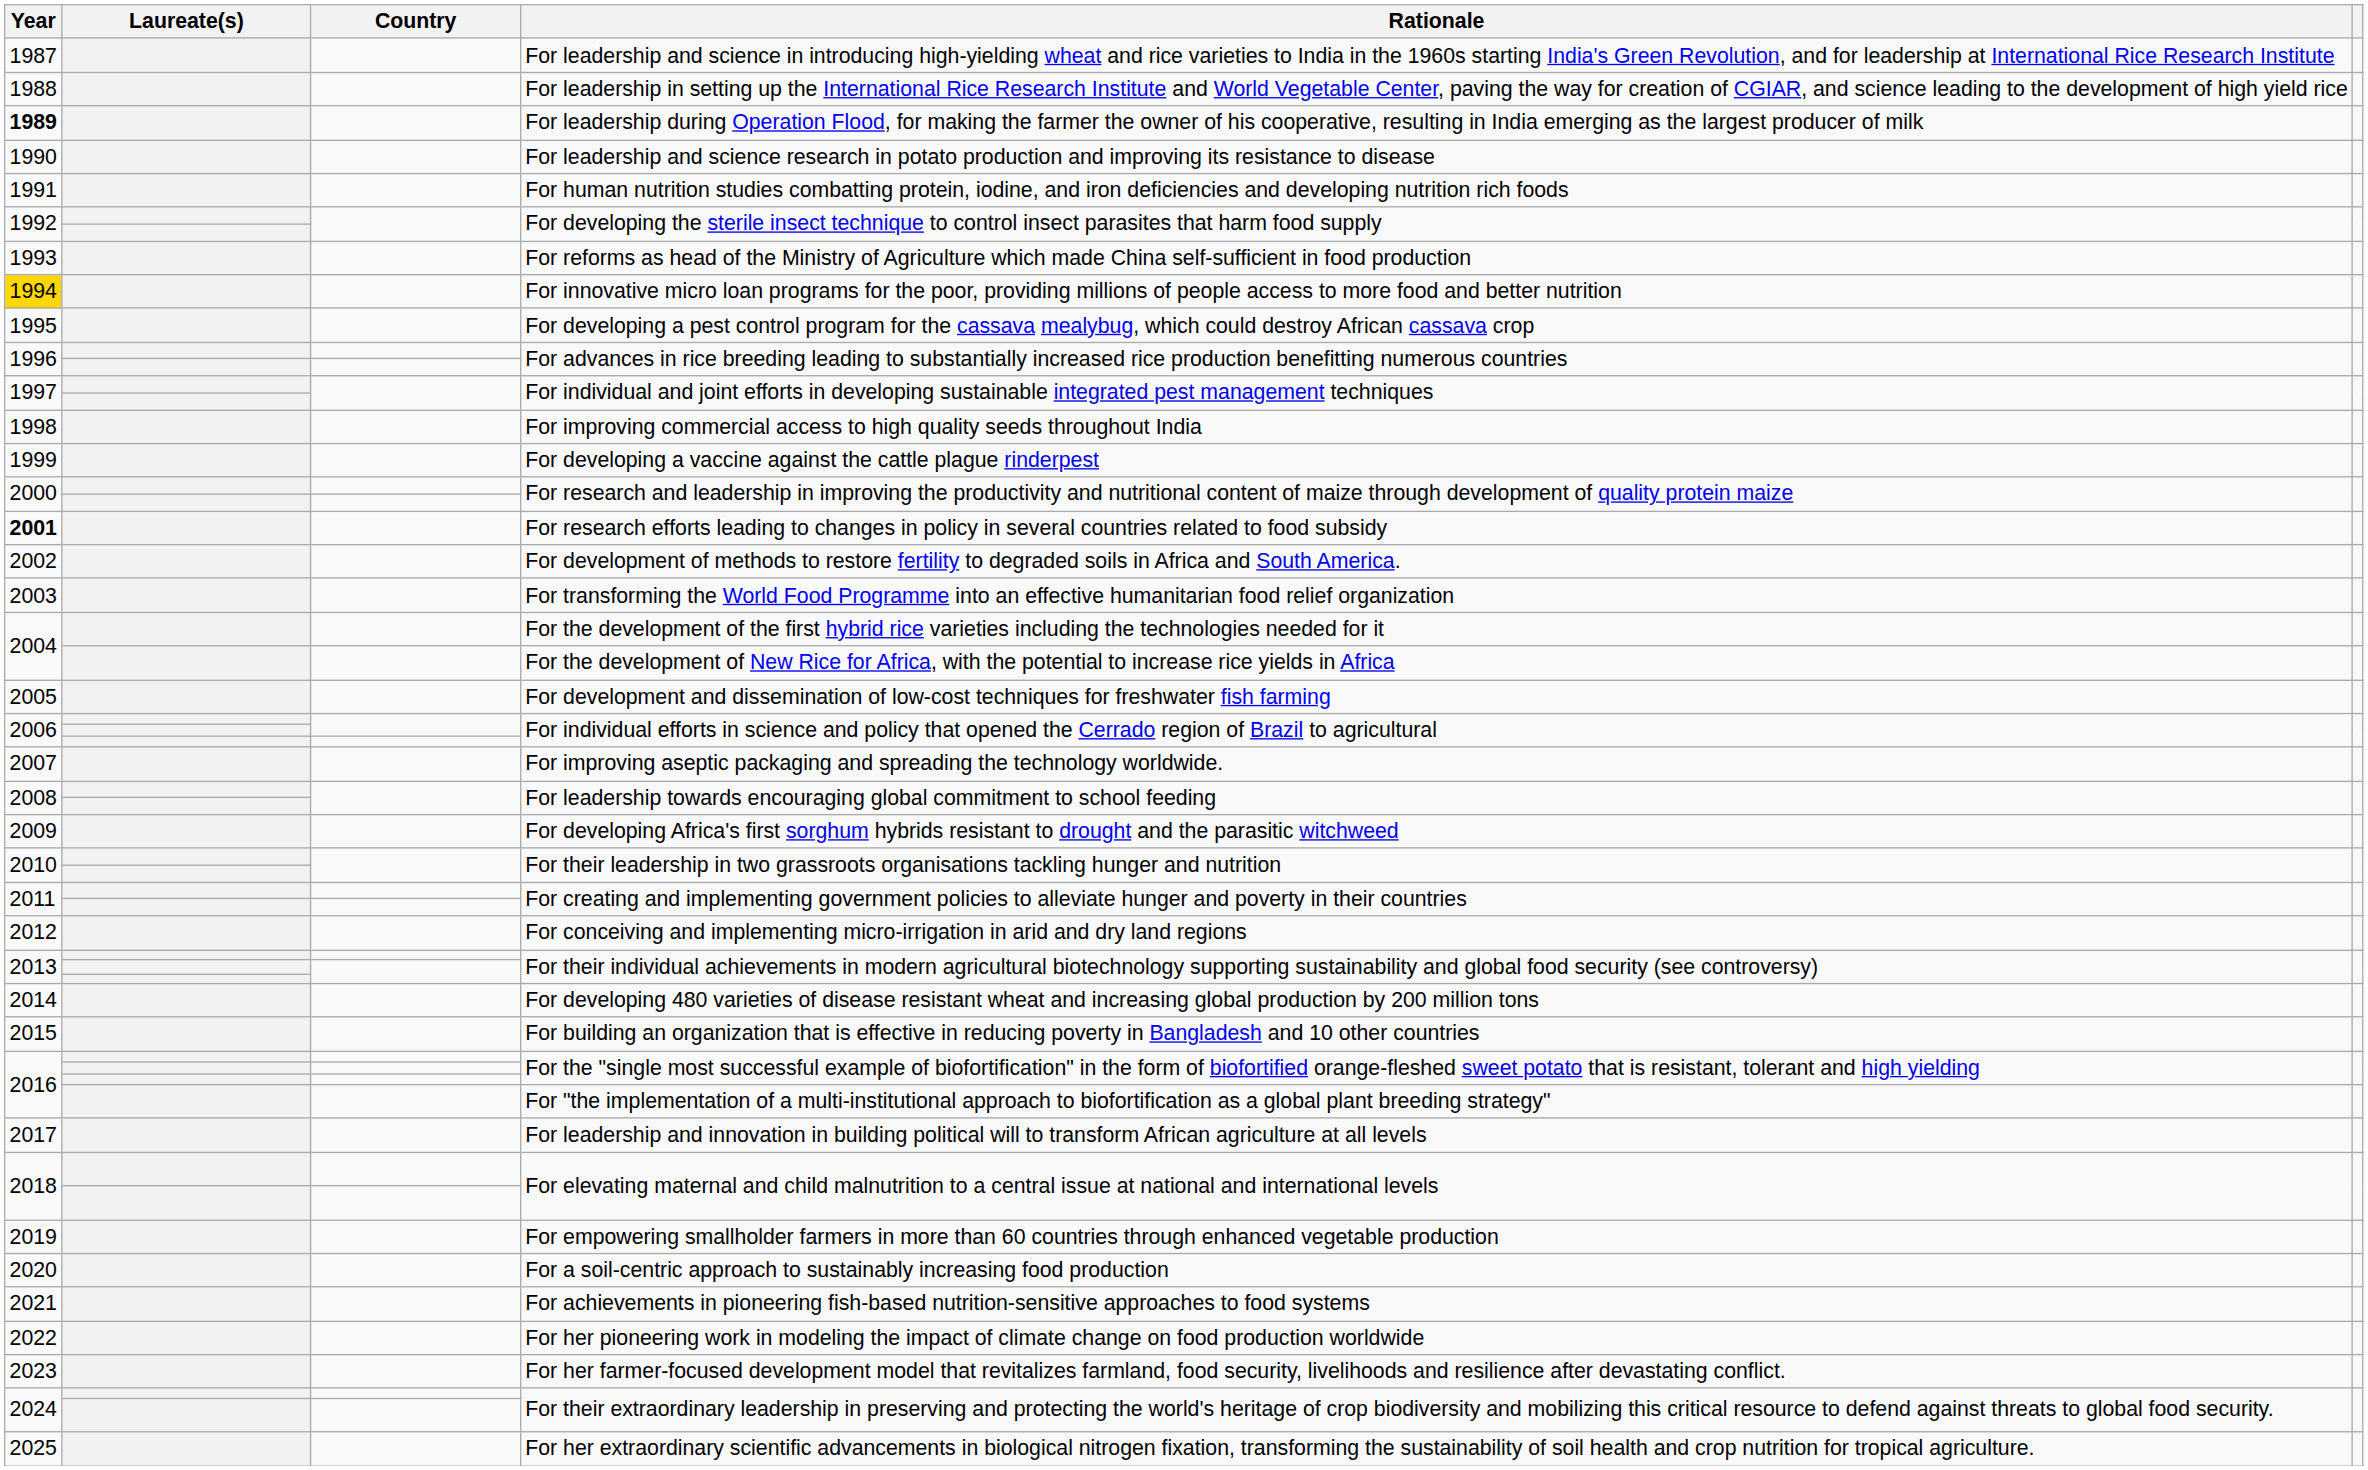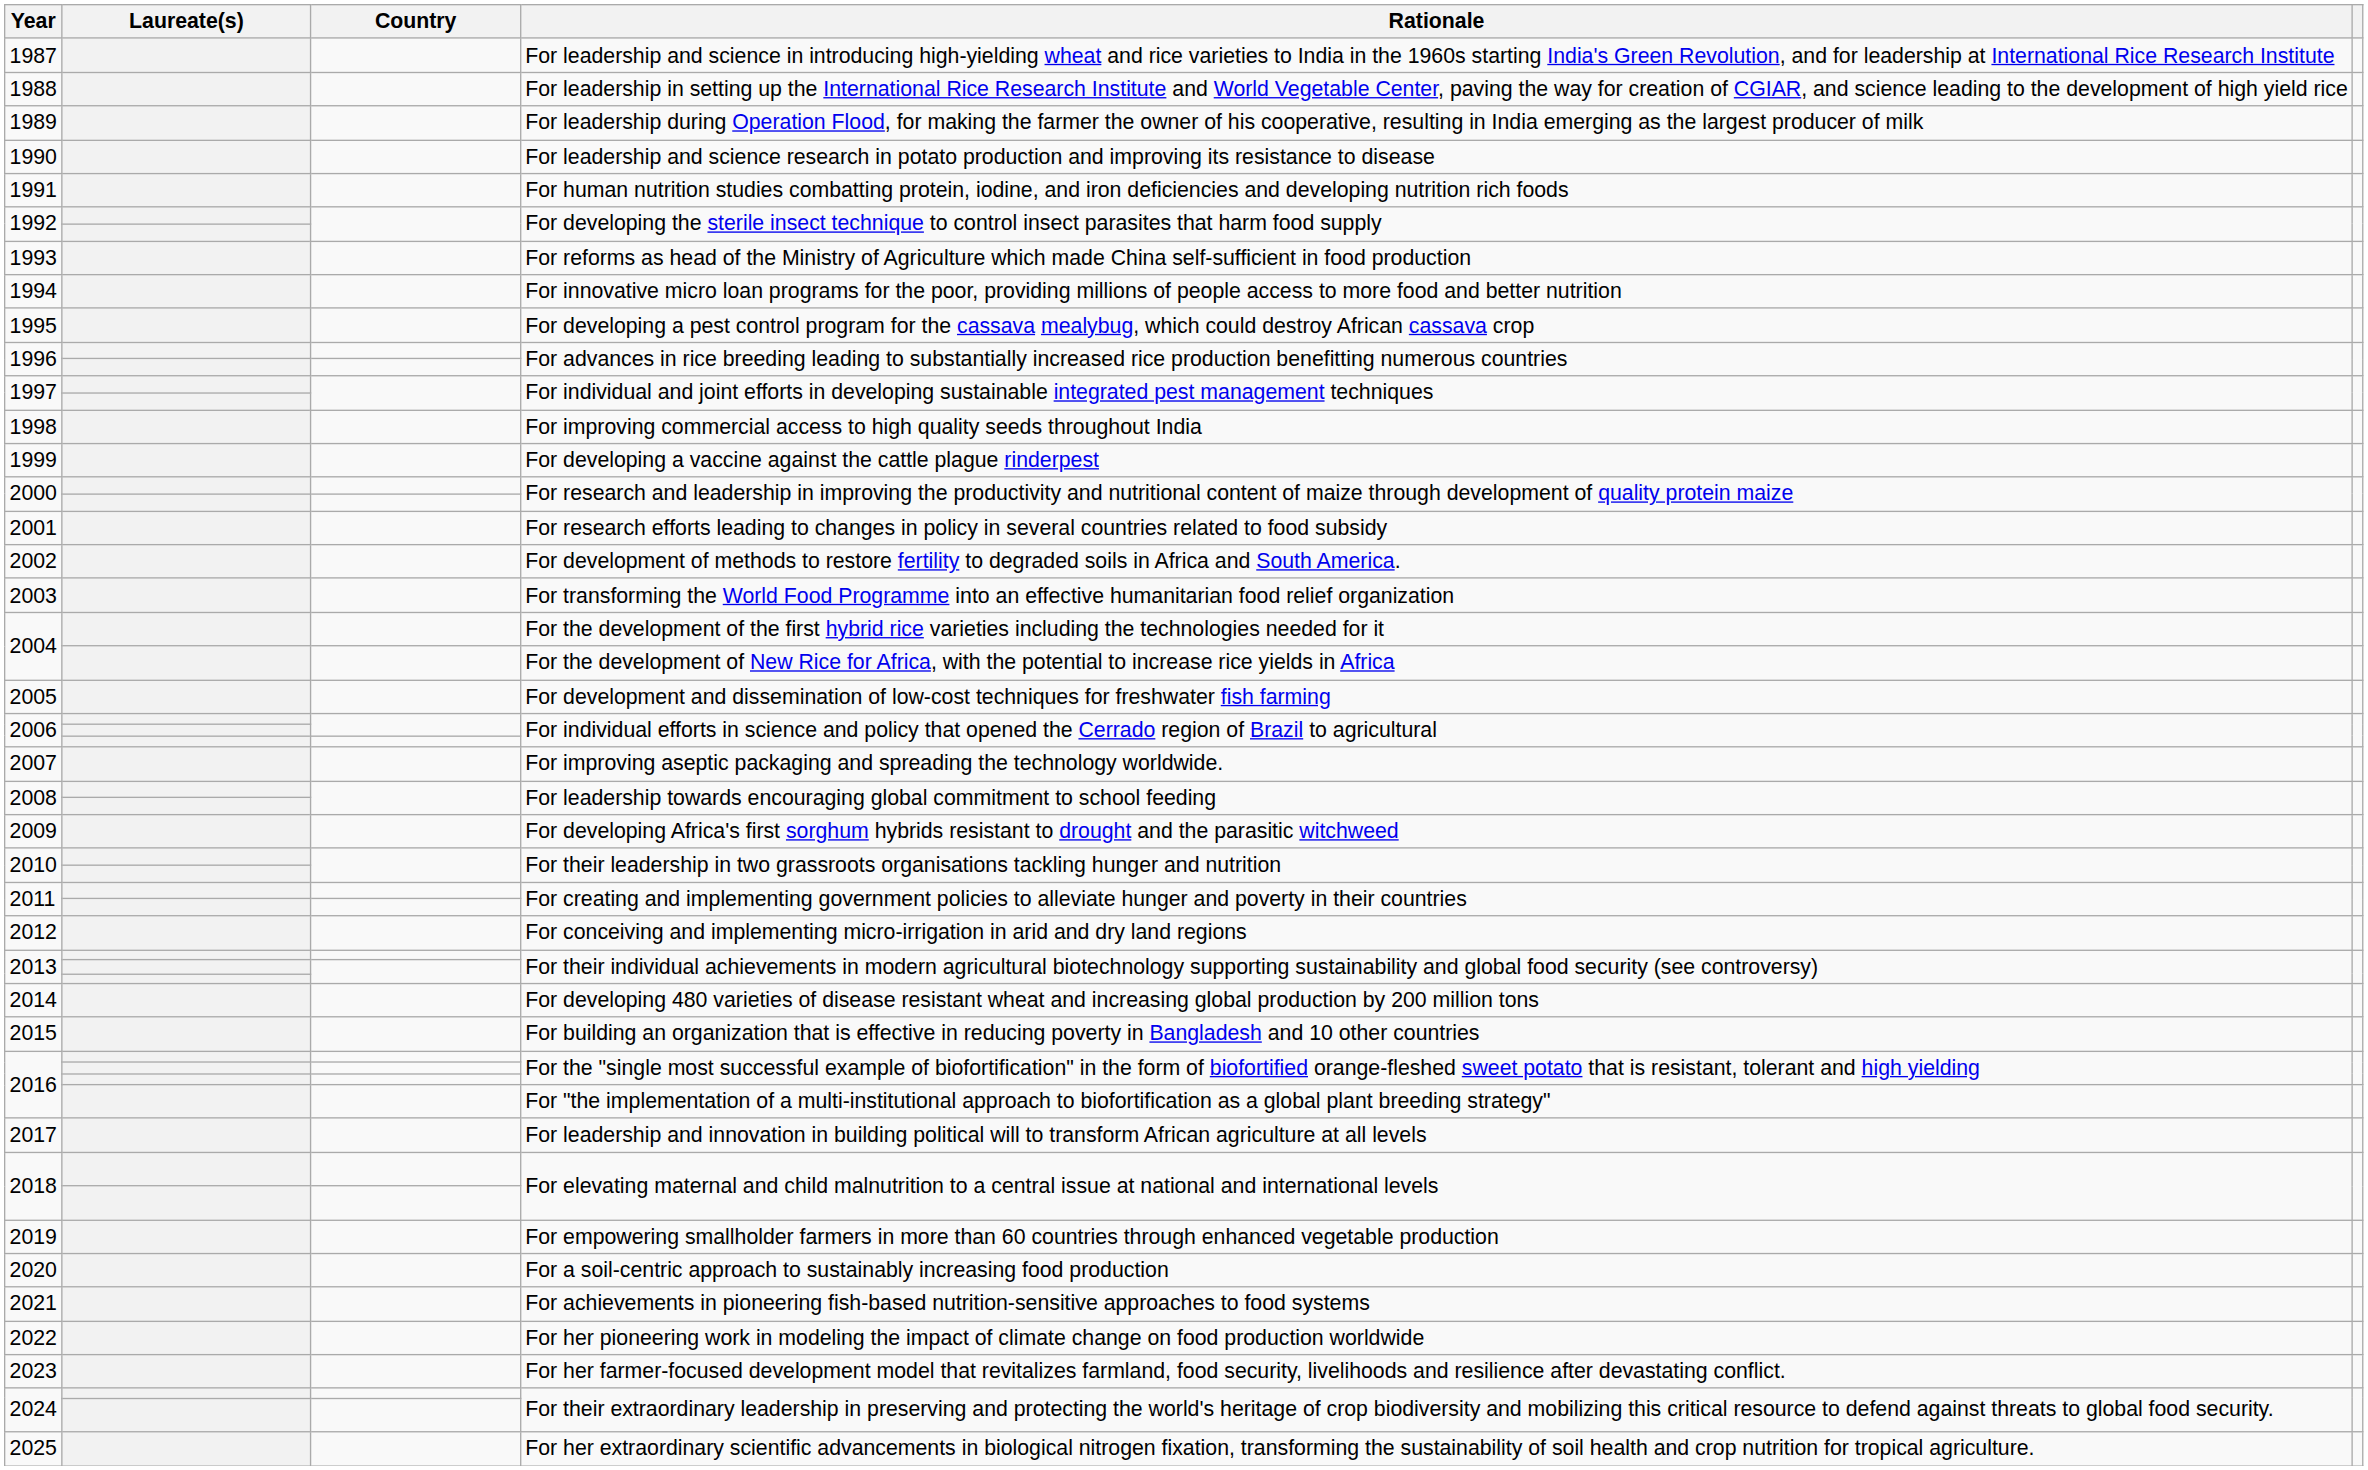 <table class="wikitable sortable plainrowheaders">
 <tr>
 <th scope=col>Year</th>
 <th scope=col width="180px">Laureate(s)</th>
 <th scope=col width="150px">Country</th>
 <th scope=col class = unsortable>Rationale</th>
 <th scope=col class = unsortable></th>
 </tr>
 <tr>
 <td>1987</td>
 <th scope="row"></th>
 <td></td>
 <td>For leadership and science in introducing high-yielding <a href='#'>wheat</a> and rice varieties to India in the 1960s starting <a href='#'>India's Green Revolution</a>, and for leadership at <a href='#'>International Rice Research Institute</a></td>
 <td align="center"></td>
 </tr>
 <tr>
 <td>1988</td>
 <th scope="row"></th>
 <td></td>
 <td>For leadership in setting up the <a href='#'>International Rice Research Institute</a> and <a href='#'>World Vegetable Center</a>, paving the way for creation of <a href='#'>CGIAR</a>, and science leading to the development of high yield rice</td>
 <td align="center"></td>
 </tr>
 <tr>
-<td><strong>1989</strong></td>
+<td>1989</td>
 <th scope="row"></th>
 <td></td>
 <td>For leadership during <a href='#'>Operation Flood</a>, for making the farmer the owner of his cooperative, resulting in India emerging as the largest producer of milk</td>
 <td align="center"></td>
 </tr>
 <tr>
 <td>1990</td>
 <th scope="row"></th>
 <td></td>
 <td>For leadership and science research in potato production and improving its resistance to disease</td>
 <td align="center"></td>
 </tr>
 <tr>
 <td>1991</td>
 <th scope="row"></th>
 <td></td>
 <td>For human nutrition studies combatting protein, iodine, and iron deficiencies and developing nutrition rich foods</td>
 <td align="center"></td>
 </tr>
 <tr>
 <td rowspan="2">1992</td>
 <th scope="row"></th>
 <td rowspan="2"></td>
 <td rowspan="2">For developing the <a href='#'>sterile insect technique</a> to control insect parasites that harm food supply</td>
 <td rowspan="2" align="center"></td>
 </tr>
 <tr>
 <th scope="row"></th>
 </tr>
 <tr>
 <td>1993</td>
 <th scope="row"></th>
 <td></td>
 <td>For reforms as head of the Ministry of Agriculture which made China self-sufficient in food production</td>
 <td align="center"></td>
 </tr>
 <tr>
-<td style="background: gold;">1994</td>
+<td>1994</td>
 <th scope="row"></th>
 <td></td>
 <td>For innovative micro loan programs for the poor, providing millions of people access to more food and better nutrition</td>
 <td align="center"></td>
 </tr>
 <tr>
 <td>1995</td>
 <th scope="row"></th>
 <td></td>
 <td>For developing a pest control program for the <a href='#'>cassava</a> <a href='#'>mealybug</a>, which could destroy African <a href='#'>cassava</a> crop</td>
 <td align="center"></td>
 </tr>
 <tr>
 <td rowspan="2">1996</td>
 <th scope="row"></th>
 <td></td>
 <td rowspan="2">For advances in rice breeding leading to substantially increased rice production benefitting numerous countries</td>
 <td rowspan="2" align="center"></td>
 </tr>
 <tr>
 <th scope="row"></th>
 <td></td>
 </tr>
 <tr>
 <td rowspan="2">1997</td>
 <th scope="row"></th>
 <td rowspan="2"></td>
 <td rowspan="2">For individual and joint efforts in developing sustainable <a href='#'>integrated pest management</a> techniques</td>
 <td rowspan="2" align="center"></td>
 </tr>
 <tr>
 <th scope="row"></th>
 </tr>
 <tr>
 <td>1998</td>
 <th scope="row"></th>
 <td></td>
 <td>For improving commercial access to high quality seeds throughout India</td>
 <td align="center"></td>
 </tr>
 <tr>
 <td>1999</td>
 <th scope="row"></th>
 <td></td>
 <td>For developing a vaccine against the cattle plague <a href='#'>rinderpest</a></td>
 <td align="center"></td>
 </tr>
 <tr>
 <td rowspan="2">2000</td>
 <th scope="row"></th>
 <td></td>
 <td rowspan="2">For research and leadership in improving the productivity and nutritional content of maize through development of <a href='#'>quality protein maize</a></td>
 <td rowspan="2" align="center"></td>
 </tr>
 <tr>
 <th scope="row"></th>
 <td></td>
 </tr>
 <tr>
-<td><strong>2001</strong></td>
+<td>2001</td>
 <th scope="row"></th>
 <td></td>
 <td>For research efforts leading to changes in policy in several countries related to food subsidy</td>
 <td align="center"></td>
 </tr>
 <tr>
 <td>2002</td>
 <th scope="row"></th>
 <td></td>
 <td>For development of methods to restore <a href='#'>fertility</a> to degraded soils in Africa and <a href='#'>South America</a>.</td>
 <td align="center"></td>
 </tr>
 <tr>
 <td>2003</td>
 <th scope="row"></th>
 <td></td>
 <td>For transforming the <a href='#'>World Food Programme</a> into an effective humanitarian food relief organization</td>
 <td align="center"></td>
 </tr>
 <tr>
 <td rowspan="2">2004</td>
 <th scope="row"></th>
 <td></td>
 <td>For the development of the first <a href='#'>hybrid rice</a> varieties including the technologies needed for it</td>
 <td align="center"></td>
 </tr>
 <tr>
 <th scope="row"></th>
 <td></td>
 <td>For the development of <a href='#'>New Rice for Africa</a>, with the potential to increase rice yields in <a href='#'>Africa</a></td>
 <td align="center"></td>
 </tr>
 <tr>
 <td>2005</td>
 <th scope="row"></th>
 <td></td>
 <td>For development and dissemination of low-cost techniques for freshwater <a href='#'>fish farming</a></td>
 <td align="center"></td>
 </tr>
 <tr>
 <td rowspan="3">2006</td>
 <th scope="row"></th>
 <td rowspan="2"></td>
 <td rowspan="3">For individual efforts in science and policy that opened the <a href='#'>Cerrado</a> region of <a href='#'>Brazil</a> to agricultural</td>
 <td rowspan="3" align="center"></td>
 </tr>
 <tr>
 <th scope="row"></th>
 </tr>
 <tr>
 <th scope="row"></th>
 <td></td>
 </tr>
 <tr>
 <td>2007</td>
 <th scope="row"></th>
 <td></td>
 <td>For improving aseptic packaging and spreading the technology worldwide.</td>
 </tr>
 <tr>
 <td rowspan="2">2008</td>
 <th scope="row"></th>
 <td rowspan="2"></td>
 <td rowspan="2">For leadership towards encouraging global commitment to school feeding</td>
 <td rowspan="2" align="center"></td>
 </tr>
 <tr>
 <th scope="row"></th>
 </tr>
 <tr>
 <td>2009</td>
 <th scope="row"></th>
 <td></td>
 <td>For developing Africa's first <a href='#'>sorghum</a> hybrids resistant to <a href='#'>drought</a> and the parasitic <a href='#'>witchweed</a></td>
 <td align="center"></td>
 </tr>
 <tr>
 <td rowspan="2">2010</td>
 <th scope="row"></th>
 <td rowspan="2"></td>
 <td rowspan="2">For their leadership in two grassroots organisations tackling hunger and nutrition</td>
 <td rowspan="2" align="center"></td>
 </tr>
 <tr>
 <th scope="row"></th>
 </tr>
 <tr>
 <td rowspan="2">2011</td>
 <th scope="row"></th>
 <td></td>
 <td rowspan="2">For creating and implementing government policies to alleviate hunger and poverty in their countries</td>
 <td rowspan="2" align="center"></td>
 </tr>
 <tr>
 <th scope="row"></th>
 <td></td>
 </tr>
 <tr>
 <td>2012</td>
 <th scope="row"></th>
 <td></td>
 <td>For conceiving and implementing micro-irrigation in arid and dry land regions</td>
 <td align="center"></td>
 </tr>
 <tr>
 <td rowspan="3">2013</td>
 <th scope="row"></th>
 <td></td>
 <td rowspan="3">For their individual achievements in modern agricultural biotechnology supporting sustainability and global food security (see controversy)</td>
 <td rowspan="3" align="center"></td>
 </tr>
 <tr>
 <th scope="row"></th>
 <td rowspan="2"></td>
 </tr>
 <tr>
 <th scope="row"></th>
 </tr>
 <tr>
 <td>2014</td>
 <th scope="row"></th>
 <td><br></td>
 <td>For developing 480 varieties of disease resistant wheat and increasing global production by 200 million tons</td>
 <td align="center"></td>
 </tr>
 <tr>
 <td>2015</td>
 <th scope="row"></th>
 <td></td>
 <td>For building an organization that is effective in reducing poverty in <a href='#'>Bangladesh</a> and 10 other countries</td>
 <td align="center"></td>
 </tr>
 <tr>
 <td rowspan="4">2016</td>
 <th scope="row"></th>
 <td></td>
 <td rowspan="3">For the "single most successful example of biofortification" in the form of <a href='#'>biofortified</a> orange-fleshed <a href='#'>sweet potato</a> that is resistant, tolerant and <a href='#'>high yielding</a></td>
 <td rowspan="3" align="center"></td>
 </tr>
 <tr>
 <th scope="row"></th>
 <td></td>
 </tr>
 <tr>
 <th scope="row"></th>
 <td></td>
 </tr>
 <tr>
 <th scope="row"></th>
 <td></td>
 <td>For "the implementation of a multi-institutional approach to biofortification as a global plant breeding strategy"</td>
 <td align="center"></td>
 </tr>
 <tr>
 <td>2017</td>
 <th scope="row"></th>
 <td></td>
 <td>For leadership and innovation in building political will to transform African agriculture at all levels</td>
 <td align="center"></td>
 </tr>
 <tr>
 <td rowspan="2">2018</td>
 <th scope="row"></th>
 <td><br></td>
 <td rowspan="2">For elevating maternal and child malnutrition to a central issue at national and international levels</td>
 <td rowspan="2" align="center"></td>
 </tr>
 <tr>
 <th scope="row"></th>
 <td><br></td>
 </tr>
 <tr>
 <td>2019</td>
 <th scope="row"></th>
 <td></td>
 <td>For empowering smallholder farmers in more than 60 countries through enhanced vegetable production</td>
 <td align="center"></td>
 </tr>
 <tr>
 <td>2020</td>
 <th scope="row"></th>
 <td><br></td>
 <td>For a soil-centric approach to sustainably increasing food production</td>
 <td align="center"></td>
 </tr>
 <tr>
 <td>2021</td>
 <th scope="row"></th>
 <td><br></td>
 <td>For achievements in pioneering fish-based nutrition-sensitive approaches to food systems</td>
 <td align="center"></td>
 </tr>
 <tr>
 <td>2022</td>
 <th scope="row"></th>
 <td></td>
 <td>For her pioneering work in modeling the impact of climate change on food production worldwide</td>
 <td align="center"></td>
 </tr>
 <tr>
 <td>2023</td>
 <th scope="row"></th>
 <td></td>
 <td>For her farmer-focused development model that revitalizes farmland, food security, livelihoods and resilience after devastating conflict.</td>
 <td align="center"></td>
 </tr>
 <tr>
 <td rowspan="2">2024</td>
 <th scope="row"></th>
 <td></td>
 <td rowspan="2">For their extraordinary leadership in preserving and protecting the world's heritage of crop biodiversity and mobilizing this critical resource to defend against threats to global food security.</td>
 <td rowspan="2" align="center"></td>
 </tr>
 <tr>
 <th scope="row"></th>
 <td><br></td>
 </tr>
 <tr>
 <td>2025</td>
 <th scope="row"></th>
 <td></td>
 <td>For her extraordinary scientific advancements in biological nitrogen fixation, transforming the sustainability of soil health and crop nutrition for tropical agriculture.</td>
 <td align="center"></td>
 </tr>
 <tr>
 </tr>
 </table>
